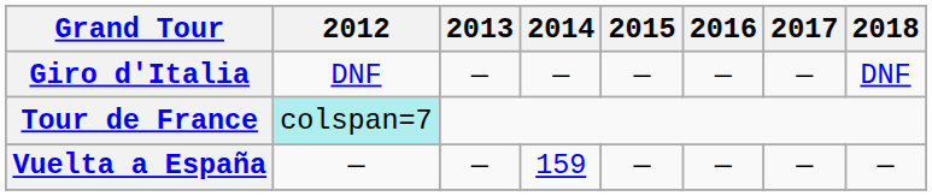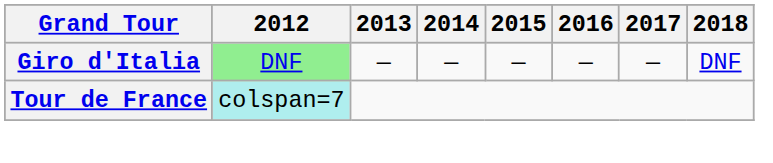 <table class="wikitable plainrowheaders">
 <tr>
 <th scope="col"><a href='#'>Grand Tour</a></th>
 <th scope="col">2012</th>
 <th scope="col">2013</th>
 <th scope="col">2014</th>
 <th scope="col">2015</th>
 <th scope="col">2016</th>
 <th scope="col">2017</th>
 <th scope="col">2018</th>
 </tr>
 <tr style="text-align:center;">
 <th scope="row"> <a href='#'>Giro d'Italia</a></th>
-<td><a href='#'>DNF</a></td>
+<td style="background: lightgreen;"><a href='#'>DNF</a></td>
 <td>—</td>
 <td>—</td>
 <td>—</td>
 <td>—</td>
 <td>—</td>
 <td><a href='#'>DNF</a></td>
 </tr>
 <tr style="text-align:center;">
 <th scope="row"> <a href='#'>Tour de France</a></th>
 <td style="background: paleturquoise;">colspan=7 </td>
 </tr>
-<tr style="text-align:center;">
-<th scope="row"> <a href='#'>Vuelta a España</a></th>
-<td>—</td>
-<td>—</td>
-<td><a href='#'>159</a></td>
-<td>—</td>
-<td>—</td>
-<td>—</td>
-<td>—</td>
-</tr>
 </table>
